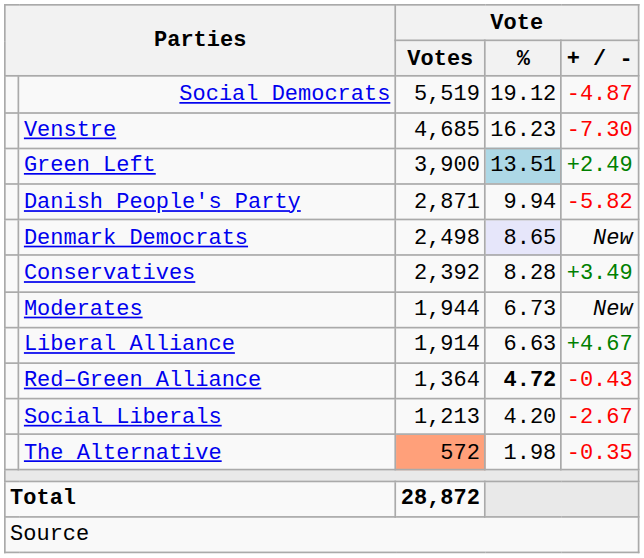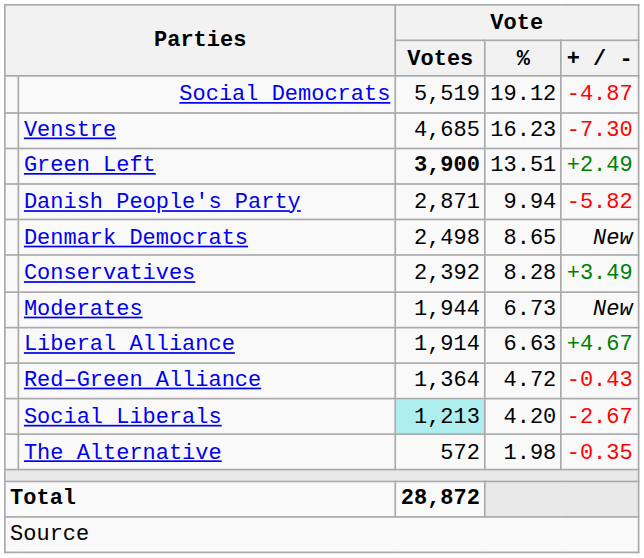 <table class="wikitable" style="text-align:right;">
 <tr>
 <th style="text-align:centre;" rowspan="2" colspan="2" width="225">Parties</th>
 <th colspan="3">Vote</th>
 </tr>
 <tr>
 <th width="15">Votes</th>
 <th width="15">%</th>
 <th width="15">+ / -</th>
 </tr>
 <tr>
 <td width=2 bgcolor=></td>
 <td><a href='#'>Social Democrats</a></td>
 <td>5,519</td>
 <td>19.12</td>
 <td style=color:red;>-4.87</td>
 </tr>
 <tr>
 <td width=2 bgcolor=></td>
 <td align=left><a href='#'>Venstre</a></td>
 <td>4,685</td>
 <td>16.23</td>
 <td style=color:red;>-7.30</td>
 </tr>
 <tr>
 <td width=2 bgcolor=></td>
 <td align=left><a href='#'>Green Left</a></td>
-<td>3,900</td>
-<td style="background: lightblue;">13.51</td>
+<td><strong>3,900</strong></td>
+<td>13.51</td>
 <td style=color:green;>+2.49</td>
 </tr>
 <tr>
 <td width=2 bgcolor=></td>
 <td align=left><a href='#'>Danish People's Party</a></td>
 <td>2,871</td>
 <td>9.94</td>
 <td style=color:red;>-5.82</td>
 </tr>
 <tr>
 <td width=2 bgcolor=></td>
 <td align=left><a href='#'>Denmark Democrats</a></td>
 <td>2,498</td>
-<td style="background: lavender;">8.65</td>
+<td>8.65</td>
 <td><em>New</em></td>
 </tr>
 <tr>
 <td width=2 bgcolor=></td>
 <td align=left><a href='#'>Conservatives</a></td>
 <td>2,392</td>
 <td>8.28</td>
 <td style=color:green;>+3.49</td>
 </tr>
 <tr>
 <td width=2 bgcolor=></td>
 <td align=left><a href='#'>Moderates</a></td>
 <td>1,944</td>
 <td>6.73</td>
 <td><em>New</em></td>
 </tr>
 <tr>
 <td width=2 bgcolor=></td>
 <td align=left><a href='#'>Liberal Alliance</a></td>
 <td>1,914</td>
 <td>6.63</td>
 <td style=color:green;>+4.67</td>
 </tr>
 <tr>
 <td width=2 bgcolor=></td>
 <td align=left><a href='#'>Red–Green Alliance</a></td>
 <td>1,364</td>
-<td><strong>4.72</strong></td>
+<td>4.72</td>
 <td style=color:red;>-0.43</td>
 </tr>
 <tr>
 <td width=2 bgcolor=></td>
 <td align=left><a href='#'>Social Liberals</a></td>
-<td>1,213</td>
+<td style="background: paleturquoise;">1,213</td>
 <td>4.20</td>
 <td style=color:red;>-2.67</td>
 </tr>
 <tr>
 <td width=2 bgcolor=></td>
 <td align=left><a href='#'>The Alternative</a></td>
-<td style="background: lightsalmon;">572</td>
+<td>572</td>
 <td>1.98</td>
 <td style=color:red;>-0.35</td>
 </tr>
 <tr>
 <td colspan="7" bgcolor="#E9E9E9"></td>
 </tr>
 <tr>
 <td align="left" colspan="2"><strong>Total</strong></td>
 <td><strong>28,872</strong></td>
 <td bgcolor=#E9E9E9 colspan=2></td>
 </tr>
 <tr>
 <td align="left" colspan="6">Source</td>
 </tr>
 </table>
